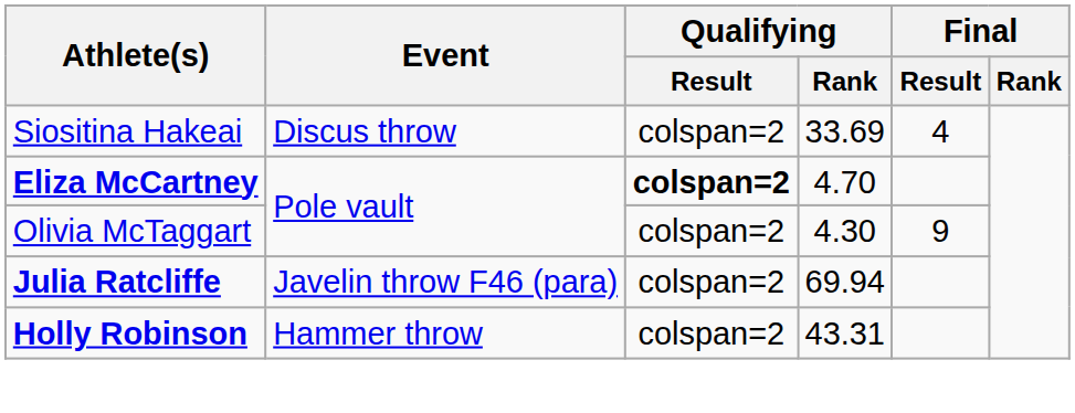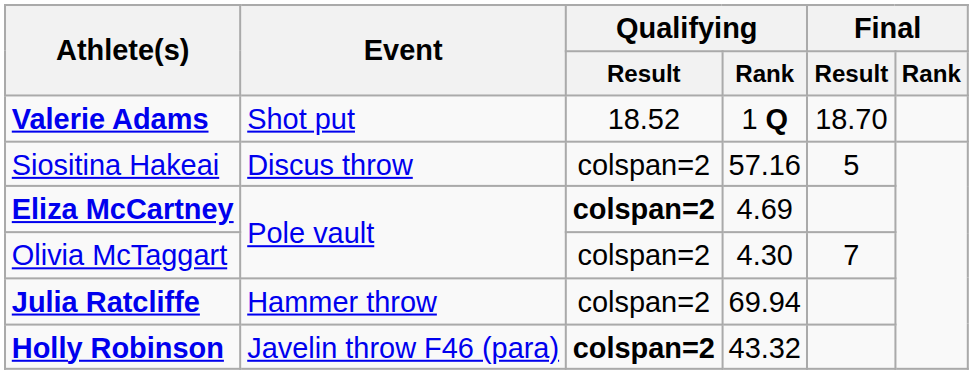 <table class=wikitable style="text-align:center; font-size:90%">
 <tr>
 <th rowspan="2">Athlete(s)</th>
 <th rowspan="2">Event</th>
 <th colspan="2">Qualifying</th>
 <th colspan="2">Final</th>
 </tr>
 <tr>
 <th style="line-height:1em"><small>Result</small></th>
 <th style="line-height:1em"><small>Rank</small></th>
 <th style="line-height:1em"><small>Result</small></th>
 <th style="line-height:1em"><small>Rank</small></th>
 </tr>
 <tr>
+<td style="text-align:left;"><strong><a href='#'>Valerie Adams</a></strong></td>
+<td style="text-align:left;"><a href='#'>Shot put</a></td>
+<td>18.52</td>
+<td>1 <strong>Q</strong></td>
+<td>18.70</td>
+<td></td>
+</tr>
+<tr>
 <td style="text-align:left;"><a href='#'>Siositina Hakeai</a></td>
 <td style="text-align:left;"><a href='#'>Discus throw</a></td>
 <td>colspan=2 </td>
-<td>33.69</td>
-<td>4</td>
+<td>57.16</td>
+<td>5</td>
 </tr>
 <tr>
 <td style="text-align:left;"><strong><a href='#'>Eliza McCartney</a></strong></td>
 <td style="text-align:left;" rowspan="2"><a href='#'>Pole vault</a></td>
 <td><strong>colspan=2 </strong></td>
-<td>4.70</td>
+<td>4.69</td>
 <td></td>
 </tr>
 <tr>
 <td style="text-align:left;"><a href='#'>Olivia McTaggart</a></td>
 <td>colspan=2 </td>
 <td>4.30</td>
-<td>9</td>
+<td>7</td>
 </tr>
 <tr>
 <td style="text-align:left;"><strong><a href='#'>Julia Ratcliffe</a></strong></td>
-<td style="text-align:left;"><a href='#'>Javelin throw F46 (para)</a></td>
+<td style="text-align:left;"><a href='#'>Hammer throw</a></td>
 <td>colspan=2 </td>
 <td>69.94</td>
 <td></td>
 </tr>
 <tr>
 <td style="text-align:left;"><strong><a href='#'>Holly Robinson</a></strong></td>
-<td style="text-align:left;"><a href='#'>Hammer throw</a></td>
-<td>colspan=2 </td>
-<td>43.31</td>
+<td style="text-align:left;"><a href='#'>Javelin throw F46 (para)</a></td>
+<td><strong>colspan=2 </strong></td>
+<td>43.32</td>
 <td></td>
 </tr>
 </table>
